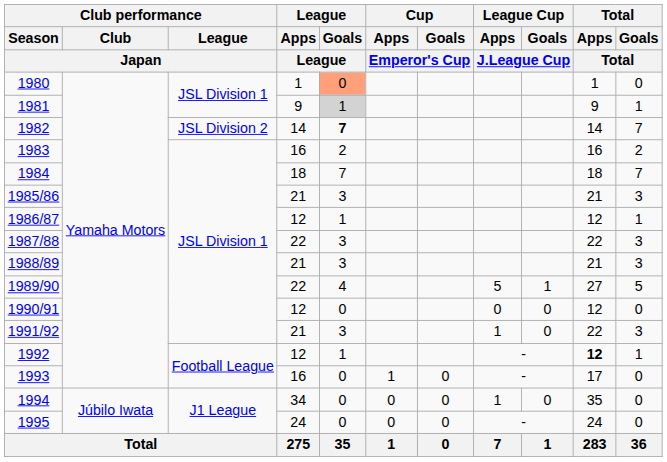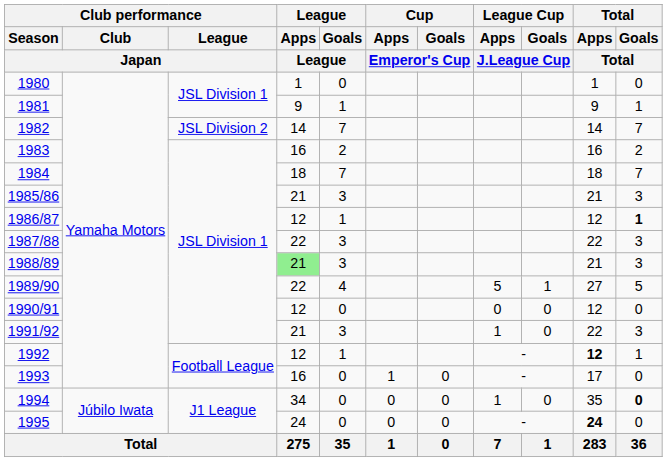 <table class="wikitable" style="text-align:center;">
 <tr>
 <th colspan=3>Club performance</th>
 <th colspan=2>League</th>
 <th colspan=2>Cup</th>
 <th colspan=2>League Cup</th>
 <th colspan=2>Total</th>
 </tr>
 <tr>
 <th>Season</th>
 <th>Club</th>
 <th>League</th>
 <th>Apps</th>
 <th>Goals</th>
 <th>Apps</th>
 <th>Goals</th>
 <th>Apps</th>
 <th>Goals</th>
 <th>Apps</th>
 <th>Goals</th>
 </tr>
 <tr>
 <th colspan=3>Japan</th>
 <th colspan=2>League</th>
 <th colspan=2><a href='#'>Emperor's Cup</a></th>
 <th colspan=2><a href='#'>J.League Cup</a></th>
 <th colspan=2>Total</th>
 </tr>
 <tr>
 <td><a href='#'>1980</a></td>
 <td rowspan="14"><a href='#'>Yamaha Motors</a></td>
 <td rowspan="2"><a href='#'>JSL Division 1</a></td>
 <td>1</td>
-<td style="background: lightsalmon;">0</td>
+<td>0</td>
 <td></td>
 <td></td>
 <td></td>
 <td></td>
 <td>1</td>
 <td>0</td>
 </tr>
 <tr>
 <td><a href='#'>1981</a></td>
 <td>9</td>
-<td style="background: lightgrey;">1</td>
+<td>1</td>
 <td></td>
 <td></td>
 <td></td>
 <td></td>
 <td>9</td>
 <td>1</td>
 </tr>
 <tr>
 <td><a href='#'>1982</a></td>
 <td><a href='#'>JSL Division 2</a></td>
 <td>14</td>
-<td><strong>7</strong></td>
+<td>7</td>
 <td></td>
 <td></td>
 <td></td>
 <td></td>
 <td>14</td>
 <td>7</td>
 </tr>
 <tr>
 <td><a href='#'>1983</a></td>
 <td rowspan="9"><a href='#'>JSL Division 1</a></td>
 <td>16</td>
 <td>2</td>
 <td></td>
 <td></td>
 <td></td>
 <td></td>
 <td>16</td>
 <td>2</td>
 </tr>
 <tr>
 <td><a href='#'>1984</a></td>
 <td>18</td>
 <td>7</td>
 <td></td>
 <td></td>
 <td></td>
 <td></td>
 <td>18</td>
 <td>7</td>
 </tr>
 <tr>
 <td><a href='#'>1985/86</a></td>
 <td>21</td>
 <td>3</td>
 <td></td>
 <td></td>
 <td></td>
 <td></td>
 <td>21</td>
 <td>3</td>
 </tr>
 <tr>
 <td><a href='#'>1986/87</a></td>
 <td>12</td>
 <td>1</td>
 <td></td>
 <td></td>
 <td></td>
 <td></td>
 <td>12</td>
-<td>1</td>
+<td><strong>1</strong></td>
 </tr>
 <tr>
 <td><a href='#'>1987/88</a></td>
 <td>22</td>
 <td>3</td>
 <td></td>
 <td></td>
 <td></td>
 <td></td>
 <td>22</td>
 <td>3</td>
 </tr>
 <tr>
 <td><a href='#'>1988/89</a></td>
-<td>21</td>
+<td style="background: lightgreen;">21</td>
 <td>3</td>
 <td></td>
 <td></td>
 <td></td>
 <td></td>
 <td>21</td>
 <td>3</td>
 </tr>
 <tr>
 <td><a href='#'>1989/90</a></td>
 <td>22</td>
 <td>4</td>
 <td></td>
 <td></td>
 <td>5</td>
 <td>1</td>
 <td>27</td>
 <td>5</td>
 </tr>
 <tr>
 <td><a href='#'>1990/91</a></td>
 <td>12</td>
 <td>0</td>
 <td></td>
 <td></td>
 <td>0</td>
 <td>0</td>
 <td>12</td>
 <td>0</td>
 </tr>
 <tr>
 <td><a href='#'>1991/92</a></td>
 <td>21</td>
 <td>3</td>
 <td></td>
 <td></td>
 <td>1</td>
 <td>0</td>
 <td>22</td>
 <td>3</td>
 </tr>
 <tr>
 <td><a href='#'>1992</a></td>
 <td rowspan="2"><a href='#'>Football League</a></td>
 <td>12</td>
 <td>1</td>
 <td></td>
 <td></td>
 <td colspan="2">-</td>
 <td><strong>12</strong></td>
 <td>1</td>
 </tr>
 <tr>
 <td><a href='#'>1993</a></td>
 <td>16</td>
 <td>0</td>
 <td>1</td>
 <td>0</td>
 <td colspan="2">-</td>
 <td>17</td>
 <td>0</td>
 </tr>
 <tr>
 <td><a href='#'>1994</a></td>
 <td rowspan="2"><a href='#'>Júbilo Iwata</a></td>
 <td rowspan="2"><a href='#'>J1 League</a></td>
 <td>34</td>
 <td>0</td>
 <td>0</td>
 <td>0</td>
 <td>1</td>
 <td>0</td>
 <td>35</td>
-<td>0</td>
+<td><strong>0</strong></td>
 </tr>
 <tr>
 <td><a href='#'>1995</a></td>
 <td>24</td>
 <td>0</td>
 <td>0</td>
 <td>0</td>
 <td colspan="2">-</td>
-<td>24</td>
+<td><strong>24</strong></td>
 <td>0</td>
 </tr>
 <tr>
 <th colspan=3>Total</th>
 <th>275</th>
 <th>35</th>
 <th>1</th>
 <th>0</th>
 <th>7</th>
 <th>1</th>
 <th>283</th>
 <th>36</th>
 </tr>
 </table>
